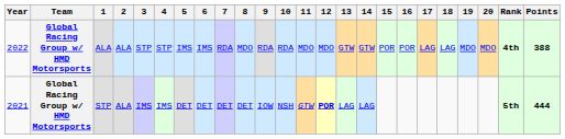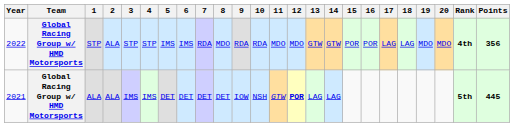 <table class="wikitable" style="text-align:center; font-size:90%">
 <tr>
 <th>Year</th>
 <th>Team</th>
 <th>1</th>
 <th>2</th>
 <th>3</th>
 <th>4</th>
 <th>5</th>
 <th>6</th>
 <th>7</th>
 <th>8</th>
 <th>9</th>
 <th>10</th>
 <th>11</th>
 <th>12</th>
 <th>13</th>
 <th>14</th>
 <th>15</th>
 <th>16</th>
 <th>17</th>
 <th>18</th>
 <th>19</th>
 <th>20</th>
 <th>Rank</th>
 <th>Points</th>
 </tr>
 <tr>
 <td><a href='#'>2022</a></td>
 <th><a href='#'>Global Racing Group w/ HMD Motorsports</a></th>
-<td style="background:#DFDFDF;"><a href='#'>ALA</a><br></td>
+<td style="background:#DFDFDF;"><a href='#'>STP</a><br></td>
 <td style="background:#CFEAFF;"><a href='#'>ALA</a><br></td>
 <td style="background:#CFEAFF;"><a href='#'>STP</a><br></td>
 <td style="background:#CFEAFF;"><a href='#'>STP</a><br></td>
 <td style="background:#CFEAFF;"><a href='#'>IMS</a><br></td>
 <td style="background:#CFEAFF;"><a href='#'>IMS</a><br></td>
 <td style="background:#CFCFFF;"><a href='#'>RDA</a><br></td>
 <td style="background:#CFEAFF;"><a href='#'>MDO</a><br></td>
 <td style="background:#DFDFDF;"><a href='#'>RDA</a><br></td>
 <td style="background:#CFEAFF;"><a href='#'>RDA</a><br></td>
 <td style="background:#CFEAFF;"><a href='#'>MDO</a><br></td>
 <td style="background:#CFEAFF;"><a href='#'>MDO</a><br></td>
 <td style="background:#FFDF9F;"><a href='#'>GTW</a><br></td>
 <td style="background:#FFDF9F;"><a href='#'>GTW</a><br></td>
 <td style="background:#DFFFDF;"><a href='#'>POR</a><br></td>
 <td style="background:#DFFFDF;"><a href='#'>POR</a><br></td>
 <td style="background:#FFDF9F;"><a href='#'>LAG</a><br></td>
 <td style="background:#DFFFDF;"><a href='#'>LAG</a><br></td>
 <td style="background:#CFEAFF;"><a href='#'>MDO</a><br></td>
 <td style="background:#FFDF9F;"><a href='#'>MDO</a><br></td>
 <th style="background:#DFFFDF;">4th</th>
-<th style="background:#DFFFDF;">388</th>
+<th style="background:#DFFFDF;">356</th>
 </tr>
 <tr>
 <td><a href='#'>2021</a></td>
 <th>Global Racing Group w/ <a href='#'>HMD Motorsports</a></th>
-<td style="background:#DFDFDF;"><a href='#'>STP</a><br></td>
+<td style="background:#DFDFDF;"><a href='#'>ALA</a><br></td>
 <td style="background:#DFDFDF;"><a href='#'>ALA</a><br></td>
 <td style="background:#CFCFFF;"><a href='#'>IMS</a><br></td>
 <td style="background:#DFFFDF;"><a href='#'>IMS</a><br></td>
 <td style="background:#DFDFDF;"><a href='#'>DET</a><br></td>
 <td style="background:#CFEAFF;"><a href='#'>DET</a><br></td>
 <td style="background:#CFCFFF;"><a href='#'>DET</a><br></td>
 <td style="background:#CFEAFF;"><a href='#'>DET</a><br></td>
 <td style="background:#CFEAFF;"><a href='#'>IOW</a><br></td>
 <td style="background:#CFEAFF;"><a href='#'>NSH</a><br></td>
 <td style="background:#FFDF9F;"><em><a href='#'>GTW</a></em><br></td>
 <td style="background:#FFFFBF;"><strong><a href='#'>POR</a></strong><br></td>
 <td style="background:#DFFFDF;"><a href='#'>LAG</a><br></td>
 <td style="background:#CFEAFF;"><a href='#'>LAG</a><br></td>
 <td></td>
 <td></td>
 <td></td>
 <td></td>
 <td></td>
 <td></td>
 <th style="background:#DFFFDF;">5th</th>
-<th style="background:#DFFFDF;">444</th>
+<th style="background:#DFFFDF;">445</th>
 </tr>
 </table>
